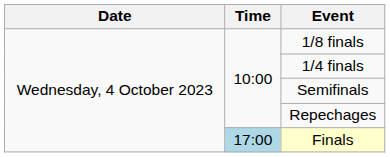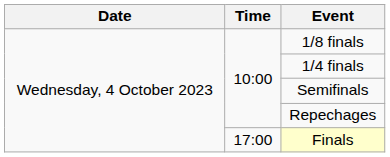 <table class = "wikitable" style="text-align:center;">
 <tr>
 <th width=220>Date</th>
 <th width=50>Time</th>
 <th width=100>Event</th>
 </tr>
 <tr>
 <td rowspan=5>Wednesday, 4 October 2023</td>
 <td rowspan=4>10:00</td>
 <td>1/8 finals</td>
 </tr>
 <tr>
 <td>1/4 finals</td>
 </tr>
 <tr>
 <td>Semifinals</td>
 </tr>
 <tr>
 <td>Repechages</td>
 </tr>
 <tr>
-<td style="background: lightblue;">17:00</td>
+<td>17:00</td>
 <td bgcolor=ffffcc>Finals</td>
 </tr>
 </table>
